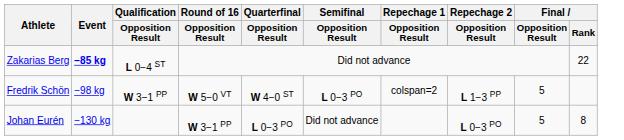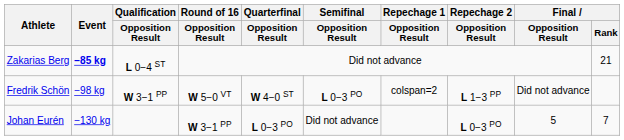 <table class="wikitable" style="font-size:90%">
 <tr>
 <th rowspan=2>Athlete</th>
 <th rowspan=2>Event</th>
 <th>Qualification</th>
 <th>Round of 16</th>
 <th>Quarterfinal</th>
 <th>Semifinal</th>
 <th>Repechage 1</th>
 <th>Repechage 2</th>
 <th colspan=2>Final / </th>
 </tr>
 <tr style="font-size: 95%">
 <th>Opposition<br>Result</th>
 <th>Opposition<br>Result</th>
 <th>Opposition<br>Result</th>
 <th>Opposition<br>Result</th>
 <th>Opposition<br>Result</th>
 <th>Opposition<br>Result</th>
 <th>Opposition<br>Result</th>
 <th>Rank</th>
 </tr>
 <tr align=center>
 <td align=left><a href='#'>Zakarias Berg</a></td>
 <td align=left><strong><a href='#'>−85 kg</a></strong></td>
 <td><br><strong>L</strong> 0−4 <sup>ST</sup></td>
 <td colspan=6>Did not advance</td>
-<td>22</td>
+<td>21</td>
 </tr>
 <tr align=center>
 <td align=left><a href='#'>Fredrik Schön</a></td>
 <td align=left><a href='#'>−98 kg</a></td>
 <td><br><strong>W</strong> 3−1 <sup>PP</sup></td>
 <td><br><strong>W</strong> 5−0 <sup>VT</sup></td>
 <td><br><strong>W</strong> 4−0 <sup>ST</sup></td>
 <td><br><strong>L</strong> 0−3 <sup>PO</sup></td>
 <td>colspan=2 </td>
 <td><br><strong>L</strong> 1−3 <sup>PP</sup></td>
-<td>5</td>
+<td>Did not advance</td>
 </tr>
 <tr align=center>
 <td align=left><a href='#'>Johan Eurén</a></td>
 <td align=left><a href='#'>−130 kg</a></td>
 <td></td>
 <td><br><strong>W</strong> 3−1 <sup>PP</sup></td>
 <td><br><strong>L</strong> 0−3 <sup>PO</sup></td>
 <td>Did not advance</td>
 <td></td>
 <td><br><strong>L</strong> 0−3 <sup>PO</sup></td>
 <td>5</td>
-<td>8</td>
+<td>7</td>
 </tr>
 </table>
